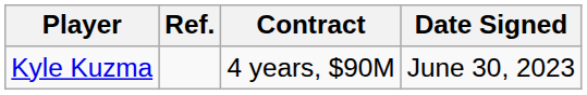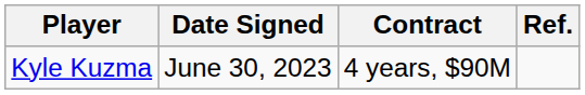 <table class="wikitable sortable sortable" style="text-align: center">
 <tr>
 <th>Player</th>
+<th>Date Signed</th>
+<th>Contract</th>
 <th>Ref.</th>
-<th>Contract</th>
-<th>Date Signed</th>
 </tr>
 <tr>
 <td><a href='#'>Kyle Kuzma</a></td>
+<td>June 30, 2023</td>
+<td>4 years, $90M</td>
 <td></td>
-<td>4 years, $90M</td>
-<td>June 30, 2023</td>
 </tr>
 </table>
